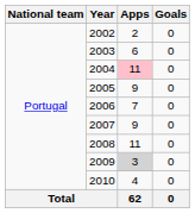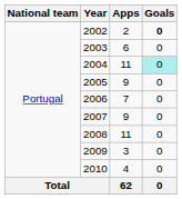 <table class="wikitable" style="text-align:center">
 <tr>
 <th>National team</th>
 <th>Year</th>
 <th>Apps</th>
 <th>Goals</th>
 </tr>
 <tr>
 <td rowspan="9"><a href='#'>Portugal</a></td>
 <td>2002</td>
 <td>2</td>
-<td>0</td>
+<td><strong>0</strong></td>
 </tr>
 <tr>
 <td>2003</td>
 <td>6</td>
 <td>0</td>
 </tr>
 <tr>
 <td>2004</td>
-<td style="background: pink;">11</td>
-<td>0</td>
+<td>11</td>
+<td style="background: paleturquoise;">0</td>
 </tr>
 <tr>
 <td>2005</td>
 <td>9</td>
 <td>0</td>
 </tr>
 <tr>
 <td>2006</td>
 <td>7</td>
 <td>0</td>
 </tr>
 <tr>
 <td>2007</td>
 <td>9</td>
 <td>0</td>
 </tr>
 <tr>
 <td>2008</td>
 <td>11</td>
 <td>0</td>
 </tr>
 <tr>
 <td>2009</td>
-<td style="background: lightgrey;">3</td>
+<td>3</td>
 <td>0</td>
 </tr>
 <tr>
 <td>2010</td>
 <td>4</td>
 <td>0</td>
 </tr>
 <tr>
 <th colspan="2">Total</th>
 <th>62</th>
 <th>0</th>
 </tr>
 </table>
